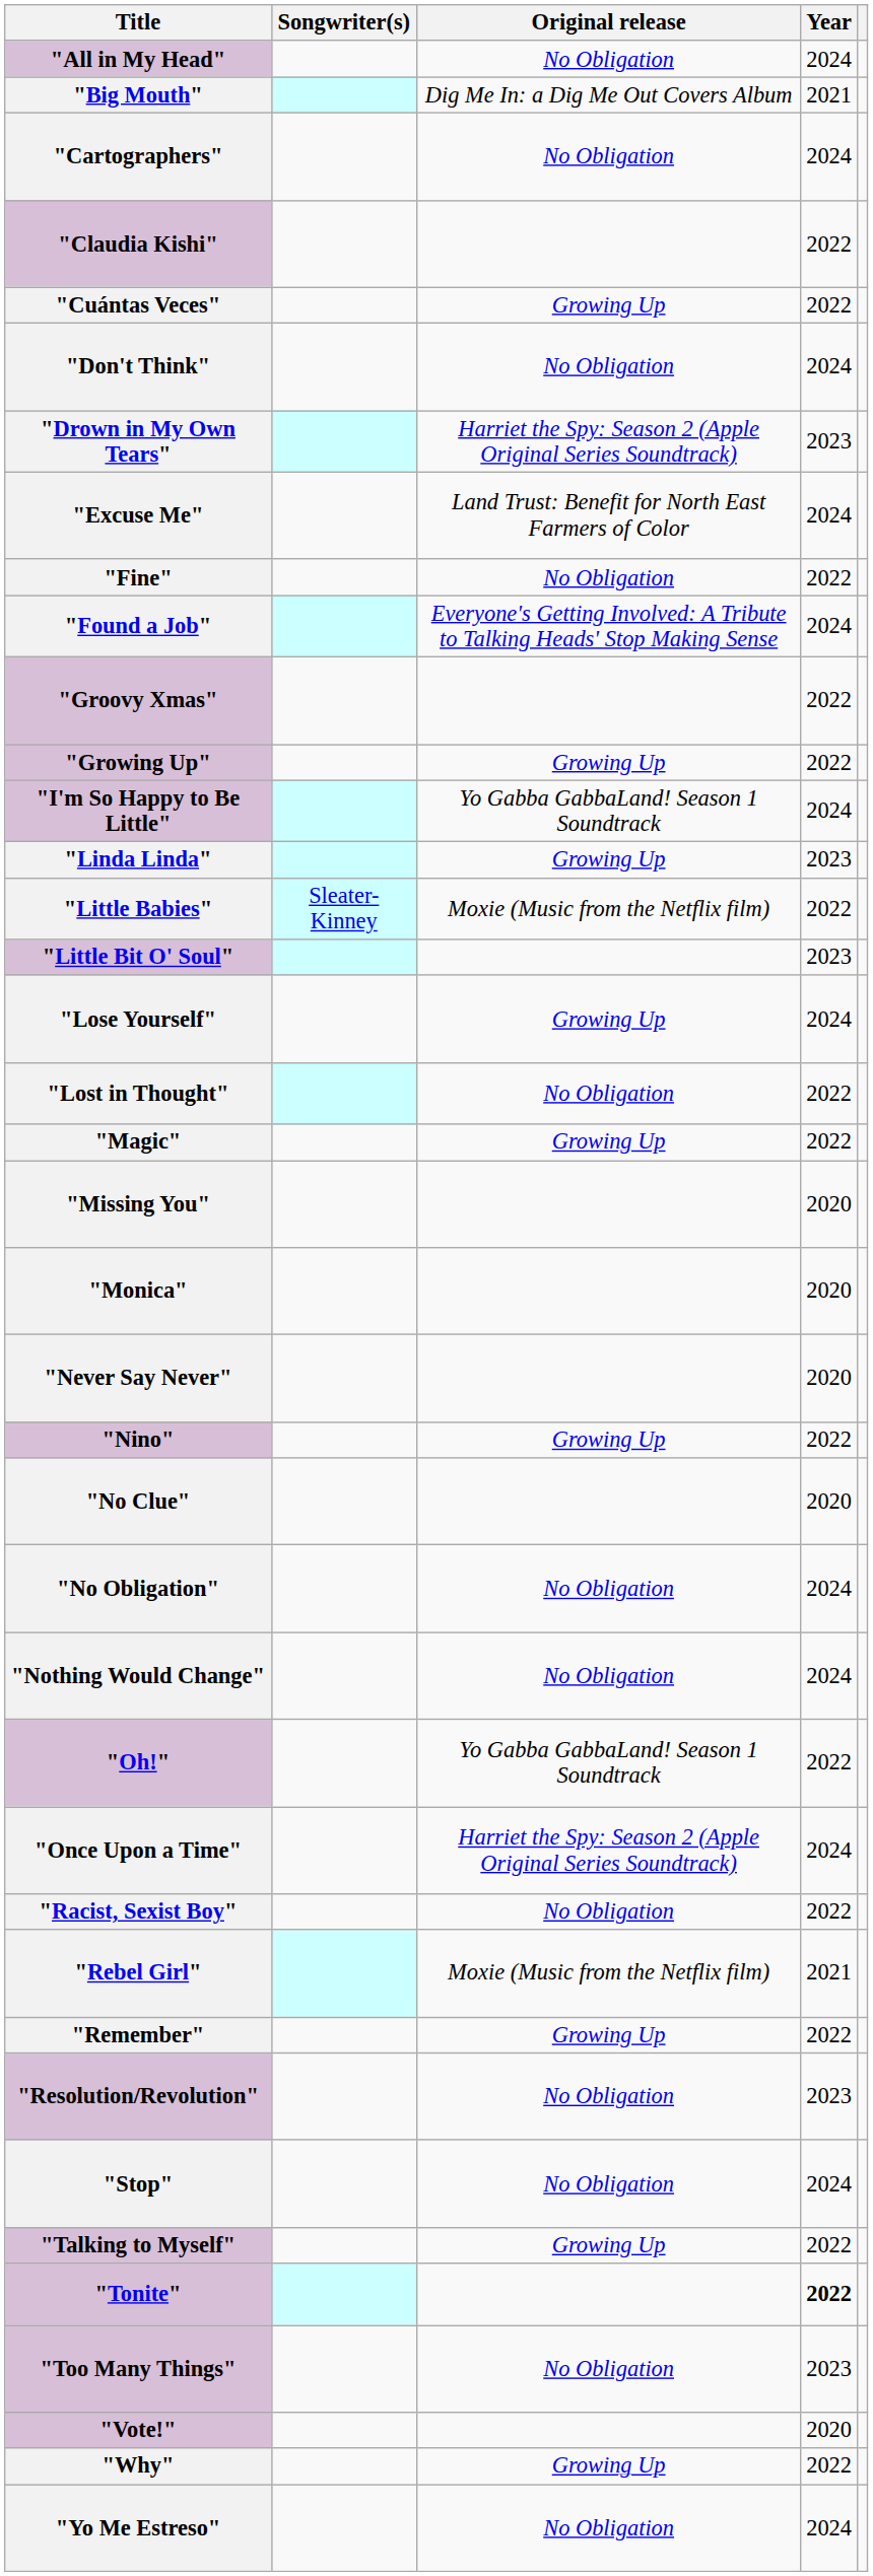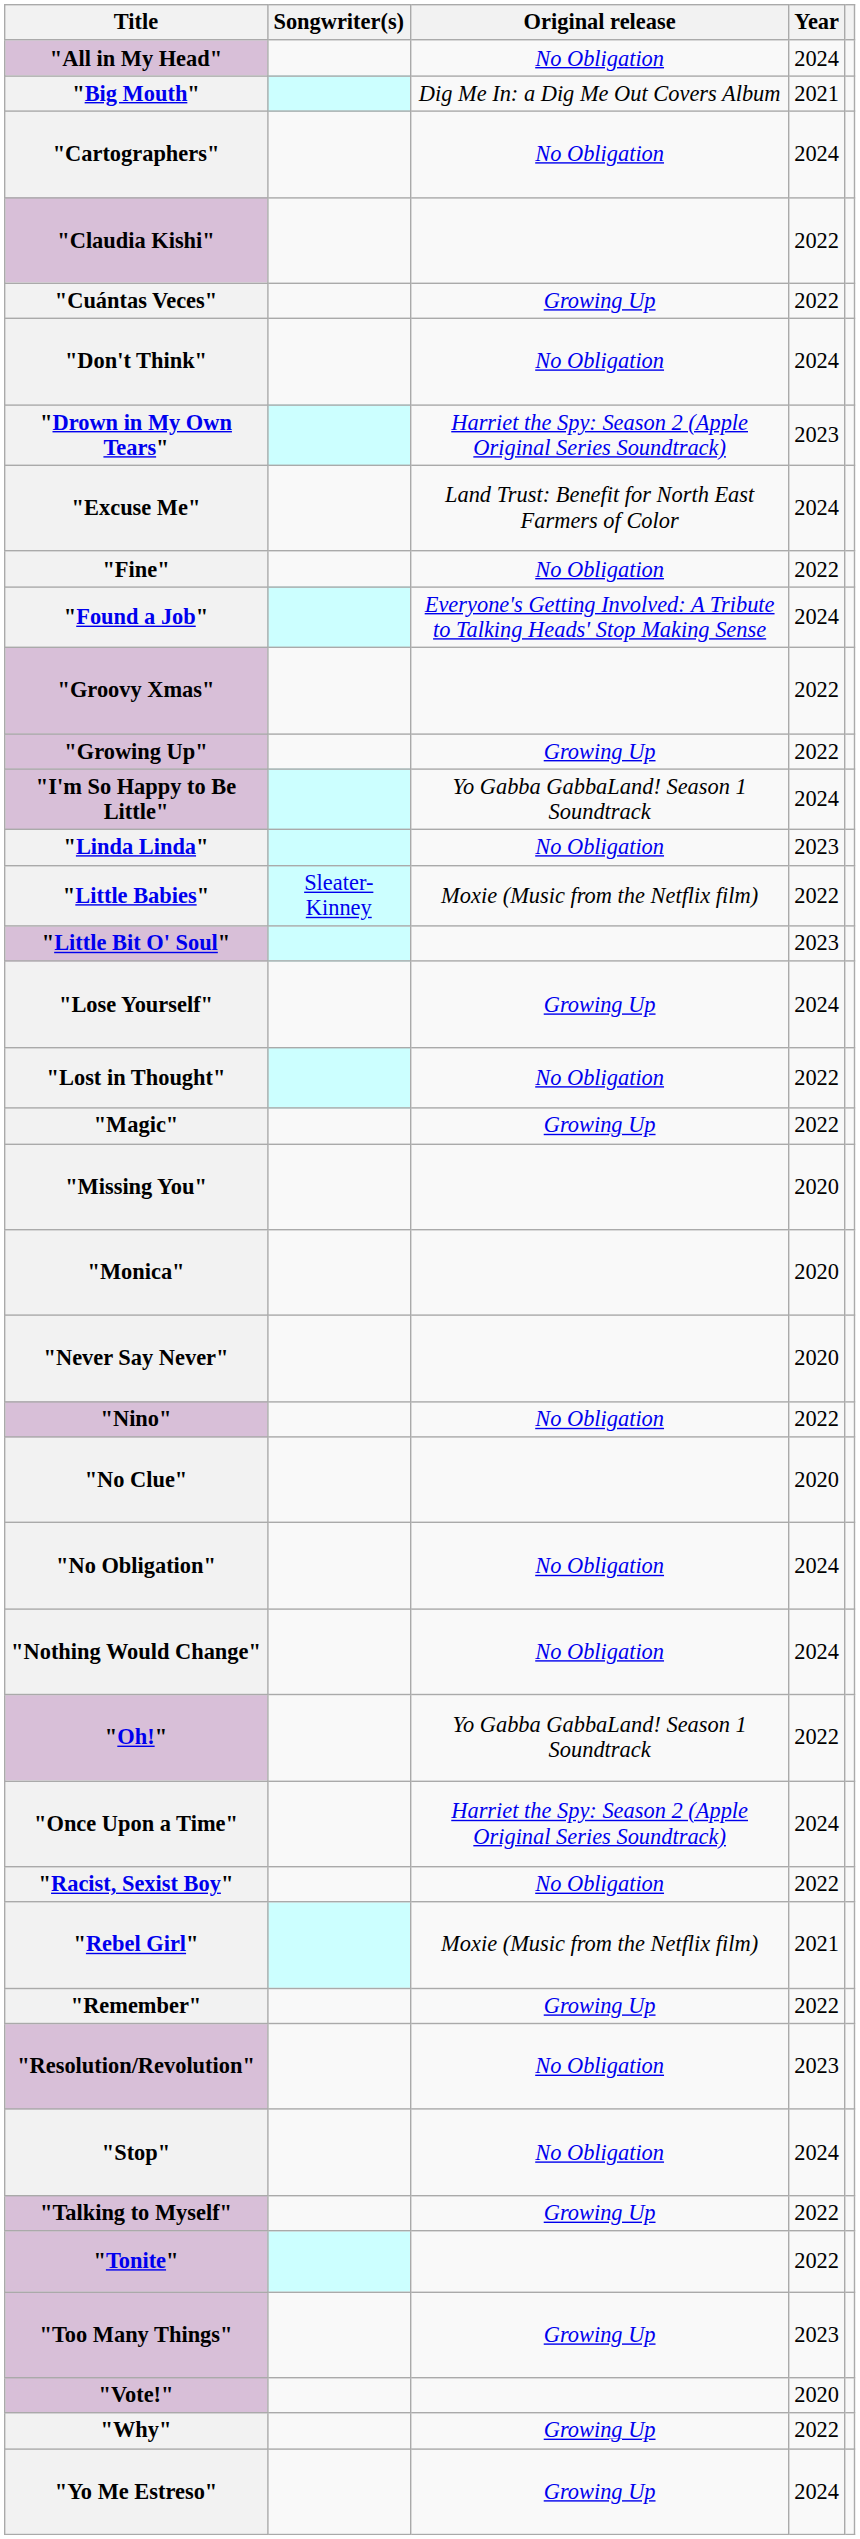 <table class="wikitable sortable plainrowheaders" style="text-align:center;">
 <tr>
 <th scope="col">Title</th>
 <th scope="col">Songwriter(s)</th>
 <th scope="col">Original release</th>
 <th scope="col">Year</th>
 <th scope="col" class="unsortable"></th>
 </tr>
 <tr>
 <th scope="row" style="background-color:#D8BFD8"> "All in My Head" </th>
 <td></td>
 <td><em><a href='#'>No Obligation</a></em></td>
 <td>2024</td>
 <td><br></td>
 </tr>
 <tr>
 <th scope="row"> "<a href='#'>Big Mouth</a>"</th>
 <td style="background-color:#CCFFFF"> </td>
 <td><em>Dig Me In: a Dig Me Out Covers Album</em></td>
 <td>2021</td>
 <td></td>
 </tr>
 <tr>
 <th scope="row">"Cartographers"</th>
 <td><br><br><br></td>
 <td><em><a href='#'>No Obligation</a></em></td>
 <td>2024</td>
 <td></td>
 </tr>
 <tr>
 <th scope="row" style="background-color:#D8BFD8">"Claudia Kishi" </th>
 <td><br><br><br></td>
 <td></td>
 <td>2022</td>
 <td></td>
 </tr>
 <tr>
 <th scope="row">"Cuántas Veces"</th>
 <td></td>
 <td><em><a href='#'>Growing Up</a></em></td>
 <td>2022</td>
 <td></td>
 </tr>
 <tr>
 <th scope="row">"Don't Think"</th>
 <td><br><br><br></td>
 <td><em><a href='#'>No Obligation</a></em></td>
 <td>2024</td>
 <td></td>
 </tr>
 <tr>
 <th scope="row">"<a href='#'>Drown in My Own Tears</a>"</th>
 <td style="background-color:#CCFFFF"> </td>
 <td><em><a href='#'>Harriet the Spy: Season 2 (Apple Original Series Soundtrack)</a></em></td>
 <td>2023</td>
 <td></td>
 </tr>
 <tr>
 <th scope="row">"Excuse Me"</th>
 <td><br><br><br></td>
 <td><em>Land Trust: Benefit for North East Farmers of Color</em></td>
 <td>2024</td>
 <td></td>
 </tr>
 <tr>
 <th scope="row"> "Fine"</th>
 <td></td>
 <td><em><a href='#'>No Obligation</a></em></td>
 <td>2022</td>
 <td></td>
 </tr>
 <tr>
 <th scope="row">"<a href='#'>Found a Job</a>"</th>
 <td style="background-color:#CCFFFF"> </td>
 <td><em><a href='#'>Everyone's Getting Involved: A Tribute to Talking Heads' Stop Making Sense</a></em></td>
 <td>2024</td>
 <td></td>
 </tr>
 <tr>
 <th scope="row" style="background-color:#D8BFD8"> "Groovy Xmas" </th>
 <td><br><br><br></td>
 <td></td>
 <td>2022</td>
 <td></td>
 </tr>
 <tr>
 <th scope="row" style="background-color:#D8BFD8">"Growing Up" </th>
 <td></td>
 <td><em><a href='#'>Growing Up</a></em></td>
 <td>2022</td>
 <td></td>
 </tr>
 <tr>
 <th scope="row" style="background-color:#D8BFD8"> "I'm So Happy to Be Little"</th>
 <td style="background-color:#CCFFFF"> </td>
 <td><em>Yo Gabba GabbaLand! Season 1 Soundtrack</em></td>
 <td>2024</td>
 <td><br></td>
 </tr>
 <tr>
 <th scope="row"> "<a href='#'>Linda Linda</a>"</th>
 <td style="background-color:#CCFFFF"> </td>
-<td><em><a href='#'>Growing Up</a></em><br></td>
+<td><em><a href='#'>No Obligation</a></em></td>
 <td>2023</td>
 <td><br></td>
 </tr>
 <tr>
 <th scope="row">"<a href='#'>Little Babies</a>"</th>
 <td style="background-color:#CCFFFF"><a href='#'>Sleater-Kinney</a> </td>
 <td><em>Moxie (Music from the Netflix film)</em></td>
 <td>2022</td>
 <td></td>
 </tr>
 <tr>
 <th scope="row" style="background-color:#D8BFD8">"<a href='#'>Little Bit O' Soul</a>" </th>
 <td style="background-color:#CCFFFF"><br> </td>
 <td></td>
 <td>2023</td>
 <td></td>
 </tr>
 <tr>
 <th scope="row">"Lose Yourself"</th>
 <td><br><br><br></td>
 <td><em><a href='#'>Growing Up</a></em></td>
 <td>2024</td>
 <td></td>
 </tr>
 <tr>
 <th scope="row">"Lost in Thought"</th>
 <td style="background-color:#CCFFFF"><br><br> </td>
 <td><em><a href='#'>No Obligation</a></em></td>
 <td>2022</td>
 <td></td>
 </tr>
 <tr>
 <th scope="row"> "Magic"</th>
 <td><br></td>
 <td><em><a href='#'>Growing Up</a></em></td>
 <td>2022</td>
 <td></td>
 </tr>
 <tr>
 <th scope="row">"Missing You"</th>
 <td><br><br><br></td>
 <td></td>
 <td>2020</td>
 <td></td>
 </tr>
 <tr>
 <th scope="row">"Monica"</th>
 <td><br><br><br></td>
 <td></td>
 <td>2020</td>
 <td></td>
 </tr>
 <tr>
 <th scope="row"> "Never Say Never"</th>
 <td><br><br><br></td>
 <td></td>
 <td>2020</td>
 <td></td>
 </tr>
 <tr>
 <th scope="row" style="background-color:#D8BFD8">"Nino" </th>
 <td></td>
-<td><em><a href='#'>Growing Up</a></em></td>
+<td><em><a href='#'>No Obligation</a></em></td>
 <td>2022</td>
 <td></td>
 </tr>
 <tr>
 <th scope="row">"No Clue"</th>
 <td><br><br><br></td>
 <td></td>
 <td>2020</td>
 <td></td>
 </tr>
 <tr>
 <th scope="row">"No Obligation"</th>
 <td><br><br><br></td>
 <td><em><a href='#'>No Obligation</a></em></td>
 <td>2024</td>
 <td></td>
 </tr>
 <tr>
 <th scope="row">"Nothing Would Change"</th>
 <td><br><br><br></td>
 <td><em><a href='#'>No Obligation</a></em></td>
 <td>2024</td>
 <td></td>
 </tr>
 <tr>
 <th scope="row" style="background-color:#D8BFD8"> "<a href='#'>Oh!</a>" </th>
 <td><br><br><br></td>
 <td><em>Yo Gabba GabbaLand! Season 1 Soundtrack</em></td>
 <td>2022</td>
 <td></td>
 </tr>
 <tr>
 <th scope="row">"Once Upon a Time"</th>
 <td><br><br><br></td>
 <td><em><a href='#'>Harriet the Spy: Season 2 (Apple Original Series Soundtrack)</a></em></td>
 <td>2024</td>
 <td></td>
 </tr>
 <tr>
 <th scope="row"> "<a href='#'>Racist, Sexist Boy</a>"</th>
 <td><br></td>
 <td><em><a href='#'>No Obligation</a></em></td>
 <td>2022</td>
 <td></td>
 </tr>
 <tr>
 <th scope="row">"<a href='#'>Rebel Girl</a>"</th>
 <td style="background-color:#CCFFFF"><br><br><br> </td>
 <td><em>Moxie (Music from the Netflix film)</em></td>
 <td>2021</td>
 <td></td>
 </tr>
 <tr>
 <th scope="row">"Remember"</th>
 <td></td>
 <td><em><a href='#'>Growing Up</a></em></td>
 <td>2022</td>
 <td></td>
 </tr>
 <tr>
 <th scope="row" style="background-color:#D8BFD8">"Resolution/Revolution" </th>
 <td><br><br><br></td>
 <td><em><a href='#'>No Obligation</a></em></td>
 <td>2023</td>
 <td></td>
 </tr>
 <tr>
 <th scope="row">"Stop"</th>
 <td><br><br><br></td>
 <td><em><a href='#'>No Obligation</a></em></td>
 <td>2024</td>
 <td></td>
 </tr>
 <tr>
 <th scope="row" style="background-color:#D8BFD8"> "Talking to Myself" </th>
 <td></td>
 <td><em><a href='#'>Growing Up</a></em></td>
 <td>2022</td>
 <td></td>
 </tr>
 <tr>
 <th scope="row" style="background-color:#D8BFD8">"<a href='#'>Tonite</a>" </th>
 <td style="background-color:#CCFFFF"><br><br> </td>
 <td></td>
-<td><strong>2022</strong></td>
+<td>2022</td>
 <td></td>
 </tr>
 <tr>
 <th scope="row" style="background-color:#D8BFD8">"Too Many Things" </th>
 <td><br><br><br></td>
-<td><em><a href='#'>No Obligation</a></em></td>
+<td><em><a href='#'>Growing Up</a></em></td>
 <td>2023</td>
 <td></td>
 </tr>
 <tr>
 <th scope="row" style="background-color:#D8BFD8"> "Vote!" </th>
 <td></td>
 <td></td>
 <td>2020</td>
 <td></td>
 </tr>
 <tr>
 <th scope="row"> "Why"</th>
 <td></td>
 <td><em><a href='#'>Growing Up</a></em></td>
 <td>2022</td>
 <td></td>
 </tr>
 <tr>
 <th scope="row">"Yo Me Estreso"</th>
 <td><br><br><br></td>
-<td><em><a href='#'>No Obligation</a></em></td>
+<td><em><a href='#'>Growing Up</a></em><br></td>
 <td>2024</td>
 <td></td>
 </tr>
 </table>
